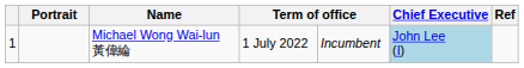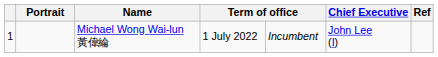 <table class="wikitable"  style="text-align:left">
 <tr>
 <th width=10px></th>
 <th width=80px>Portrait</th>
 <th width=180px>Name</th>
 <th width=180px colspan=2>Term of office</th>
 <th width=120px><a href='#'>Chief Executive</a></th>
 <th>Ref</th>
 </tr>
 <tr>
 <td rowspan=2 align=center>1</td>
 <td rowspan=2></td>
 <td rowspan=2><a href='#'>Michael Wong Wai-lun</a><br>黃偉綸</td>
 <td rowspan=2>1 July 2022</td>
 <td rowspan=2><em>Incumbent</em></td>
-<td style="background: lightblue;"><a href='#'>John Lee</a><br>(<a href='#'>I</a>)</td>
+<td><a href='#'>John Lee</a><br>(<a href='#'>I</a>)</td>
 <td></td>
 </tr>
 </table>
